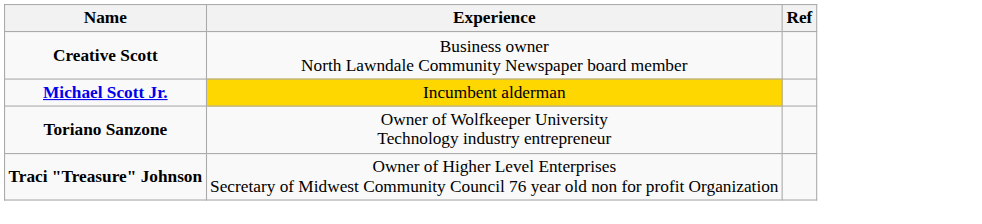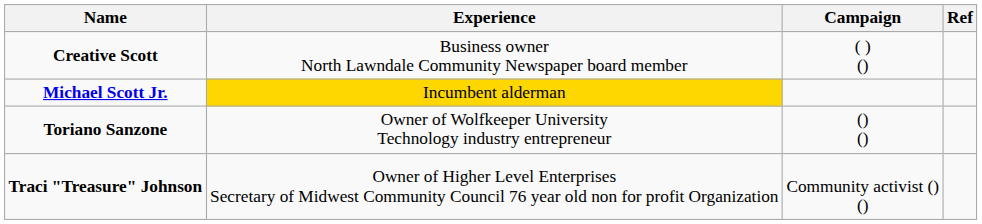 <table class="wikitable" style="text-align:center">
 <tr>
 <th>Name</th>
 <th>Experience</th>
+<th>Campaign</th>
 <th>Ref</th>
 </tr>
 <tr>
 <td><strong>Creative Scott</strong></td>
 <td>Business owner<br>North Lawndale Community Newspaper board member</td>
+<td>( )<br>()</td>
 <td></td>
 </tr>
 <tr>
 <td><strong><a href='#'>Michael Scott Jr.</a></strong></td>
 <td style="background: gold;">Incumbent alderman</td>
 <td></td>
+<td></td>
 </tr>
 <tr>
 <td><strong>Toriano Sanzone</strong></td>
 <td>Owner of Wolfkeeper University<br>Technology industry entrepreneur</td>
+<td>()<br>()</td>
 <td></td>
 </tr>
 <tr>
 <td><strong>Traci "Treasure" Johnson</strong></td>
 <td>Owner of Higher Level Enterprises<br>Secretary of Midwest Community Council 76 year old non for profit Organization</td>
+<td><br>Community activist ()<br>()</td>
 <td></td>
 </tr>
 </table>
